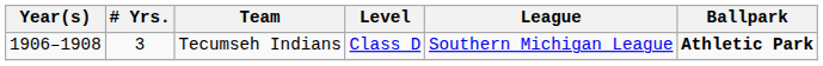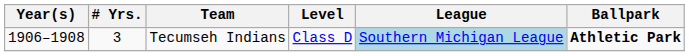 <table class="wikitable" style="text-align:center; font-size: 95%;">
 <tr>
 <th>Year(s)</th>
 <th># Yrs.</th>
 <th>Team</th>
 <th>Level</th>
 <th>League</th>
 <th>Ballpark</th>
 </tr>
 <tr>
 <td>1906–1908</td>
 <td>3</td>
 <td>Tecumseh Indians</td>
 <td><a href='#'>Class D</a></td>
-<td><a href='#'>Southern Michigan League</a></td>
+<td style="background: lightblue;"><a href='#'>Southern Michigan League</a></td>
 <td><strong>Athletic Park</strong></td>
 </tr>
 <tr>
 </tr>
 </table>
